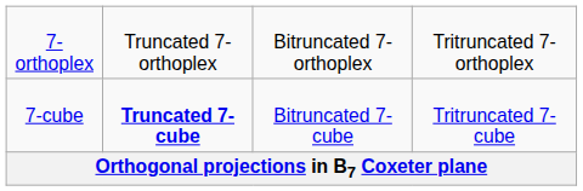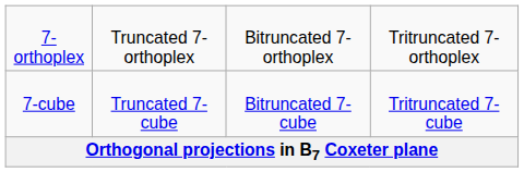 <table class=wikitable style="float:right; margin-left:8px; width:480px">
 <tr align=center valign=top>
 <td><br><a href='#'>7-orthoplex</a><br></td>
 <td><br>Truncated 7-orthoplex<br></td>
 <td><br>Bitruncated 7-orthoplex<br></td>
 <td><br>Tritruncated 7-orthoplex<br></td>
 </tr>
 <tr align=center valign=top>
 <td><br><a href='#'>7-cube</a><br></td>
-<td><strong><br><a href='#'>Truncated 7-cube</a><br></strong></td>
+<td><br><a href='#'>Truncated 7-cube</a><br></td>
 <td><br><a href='#'>Bitruncated 7-cube</a><br></td>
 <td><br><a href='#'>Tritruncated 7-cube</a><br></td>
 </tr>
 <tr>
 <th colspan=4><a href='#'>Orthogonal projections</a> in B<sub>7</sub> <a href='#'>Coxeter plane</a></th>
 </tr>
 </table>
